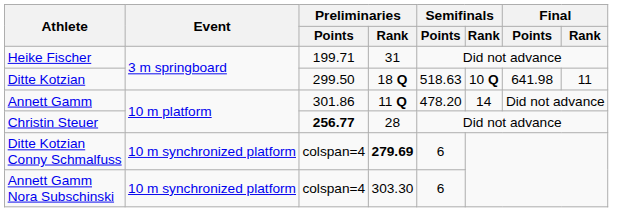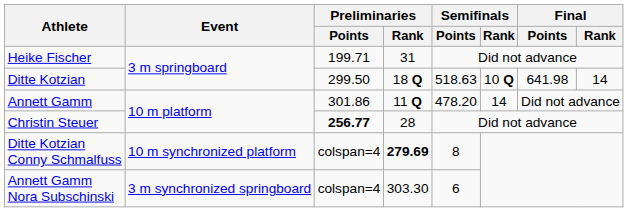 <table class=wikitable style="font-size:90%">
 <tr>
 <th rowspan="2">Athlete</th>
 <th rowspan="2">Event</th>
 <th colspan="2">Preliminaries</th>
 <th colspan="2">Semifinals</th>
 <th colspan="2">Final</th>
 </tr>
 <tr style="font-size:95%">
 <th>Points</th>
 <th>Rank</th>
 <th>Points</th>
 <th>Rank</th>
 <th>Points</th>
 <th>Rank</th>
 </tr>
 <tr align=center>
 <td align=left><a href='#'>Heike Fischer</a></td>
 <td align=left rowspan=2><a href='#'>3 m springboard</a></td>
 <td>199.71</td>
 <td>31</td>
 <td colspan=4>Did not advance</td>
 </tr>
 <tr align=center>
 <td align=left><a href='#'>Ditte Kotzian</a></td>
 <td>299.50</td>
 <td>18 <strong>Q</strong></td>
 <td>518.63</td>
 <td>10 <strong>Q</strong></td>
 <td>641.98</td>
-<td>11</td>
+<td>14</td>
 </tr>
 <tr align=center>
 <td align=left><a href='#'>Annett Gamm</a></td>
 <td align=left rowspan=2><a href='#'>10 m platform</a></td>
 <td>301.86</td>
 <td>11 <strong>Q</strong></td>
 <td>478.20</td>
 <td>14</td>
 <td colspan=2>Did not advance</td>
 </tr>
 <tr align=center>
 <td align=left><a href='#'>Christin Steuer</a></td>
 <td><strong>256.77</strong></td>
 <td>28</td>
 <td colspan=4>Did not advance</td>
 </tr>
 <tr align=center>
 <td align=left><a href='#'>Ditte Kotzian</a><br><a href='#'>Conny Schmalfuss</a></td>
 <td align=left><a href='#'>10 m synchronized platform</a></td>
 <td>colspan=4 </td>
 <td><strong>279.69</strong></td>
-<td>6</td>
+<td>8</td>
 </tr>
 <tr align=center>
 <td align=left><a href='#'>Annett Gamm</a><br><a href='#'>Nora Subschinski</a></td>
-<td align=left><a href='#'>10 m synchronized platform</a></td>
+<td align=left><a href='#'>3 m synchronized springboard</a></td>
 <td>colspan=4 </td>
 <td>303.30</td>
 <td>6</td>
 </tr>
 </table>
